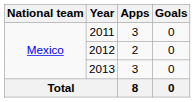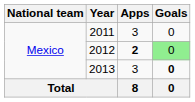 <table class="wikitable" style="text-align: center;">
 <tr>
 <th>National team</th>
 <th>Year</th>
 <th>Apps</th>
 <th>Goals</th>
 </tr>
 <tr>
 <td rowspan="3" valign="center"><a href='#'>Mexico</a></td>
 <td>2011</td>
 <td>3</td>
 <td>0</td>
 </tr>
 <tr>
 <td>2012</td>
-<td>2</td>
-<td>0</td>
+<td><strong>2</strong></td>
+<td style="background: lightgreen;">0</td>
 </tr>
 <tr>
 <td>2013</td>
 <td>3</td>
-<td>0</td>
+<td><strong>0</strong></td>
 </tr>
 <tr>
 <th colspan="2">Total</th>
 <th>8</th>
 <th>0</th>
 </tr>
 </table>
